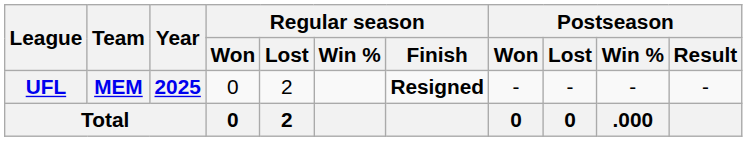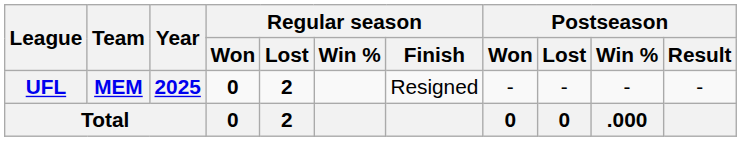 <table class="wikitable" style="font-size: 95%; text-align:center;">
 <tr>
 <th rowspan="2">League</th>
 <th rowspan="2">Team</th>
 <th rowspan="2">Year</th>
 <th colspan="4">Regular season</th>
 <th colspan="4">Postseason</th>
 </tr>
 <tr>
 <th>Won</th>
 <th>Lost</th>
 <th>Win %</th>
 <th>Finish</th>
 <th>Won</th>
 <th>Lost</th>
 <th>Win %</th>
 <th>Result</th>
 </tr>
 <tr>
 <th><a href='#'>UFL</a></th>
 <th><a href='#'>MEM</a></th>
 <th><a href='#'>2025</a></th>
-<td>0</td>
-<td>2</td>
+<td><strong>0</strong></td>
+<td><strong>2</strong></td>
 <td></td>
-<td><strong>Resigned</strong></td>
+<td>Resigned</td>
 <td>-</td>
 <td>-</td>
 <td>-</td>
 <td>-</td>
 </tr>
 <tr>
 <th colspan="3">Total</th>
 <th>0</th>
 <th>2</th>
 <th></th>
 <th></th>
 <th>0</th>
 <th>0</th>
 <th>.000</th>
 <th></th>
 </tr>
 </table>
